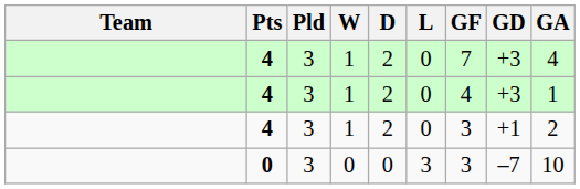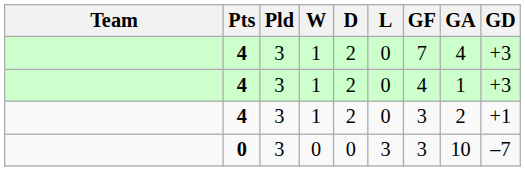 <table class=wikitable style="text-align:center">
 <tr>
 <th width=165>Team</th>
 <th width=20>Pts</th>
 <th width=20>Pld</th>
 <th width=20>W</th>
 <th width=20>D</th>
 <th width=20>L</th>
 <th width=20>GF</th>
+<th width=20>GA</th>
 <th width=20>GD</th>
-<th width=20>GA</th>
 </tr>
 <tr align=center style="background:#ccffcc;">
 <td style="text-align:left;"></td>
 <td><strong>4</strong></td>
 <td>3</td>
 <td>1</td>
 <td>2</td>
 <td>0</td>
 <td>7</td>
+<td>4</td>
 <td>+3</td>
-<td>4</td>
 </tr>
 <tr align=center style="background:#ccffcc;">
 <td style="text-align:left;"></td>
 <td><strong>4</strong></td>
 <td>3</td>
 <td>1</td>
 <td>2</td>
 <td>0</td>
 <td>4</td>
+<td>1</td>
 <td>+3</td>
-<td>1</td>
 </tr>
 <tr align=center>
 <td style="text-align:left;"></td>
 <td><strong>4</strong></td>
 <td>3</td>
 <td>1</td>
 <td>2</td>
 <td>0</td>
 <td>3</td>
+<td>2</td>
 <td>+1</td>
-<td>2</td>
 </tr>
 <tr align=center>
 <td style="text-align:left;"></td>
 <td><strong>0</strong></td>
 <td>3</td>
 <td>0</td>
 <td>0</td>
 <td>3</td>
 <td>3</td>
+<td>10</td>
 <td>–7</td>
-<td>10</td>
 </tr>
 </table>
